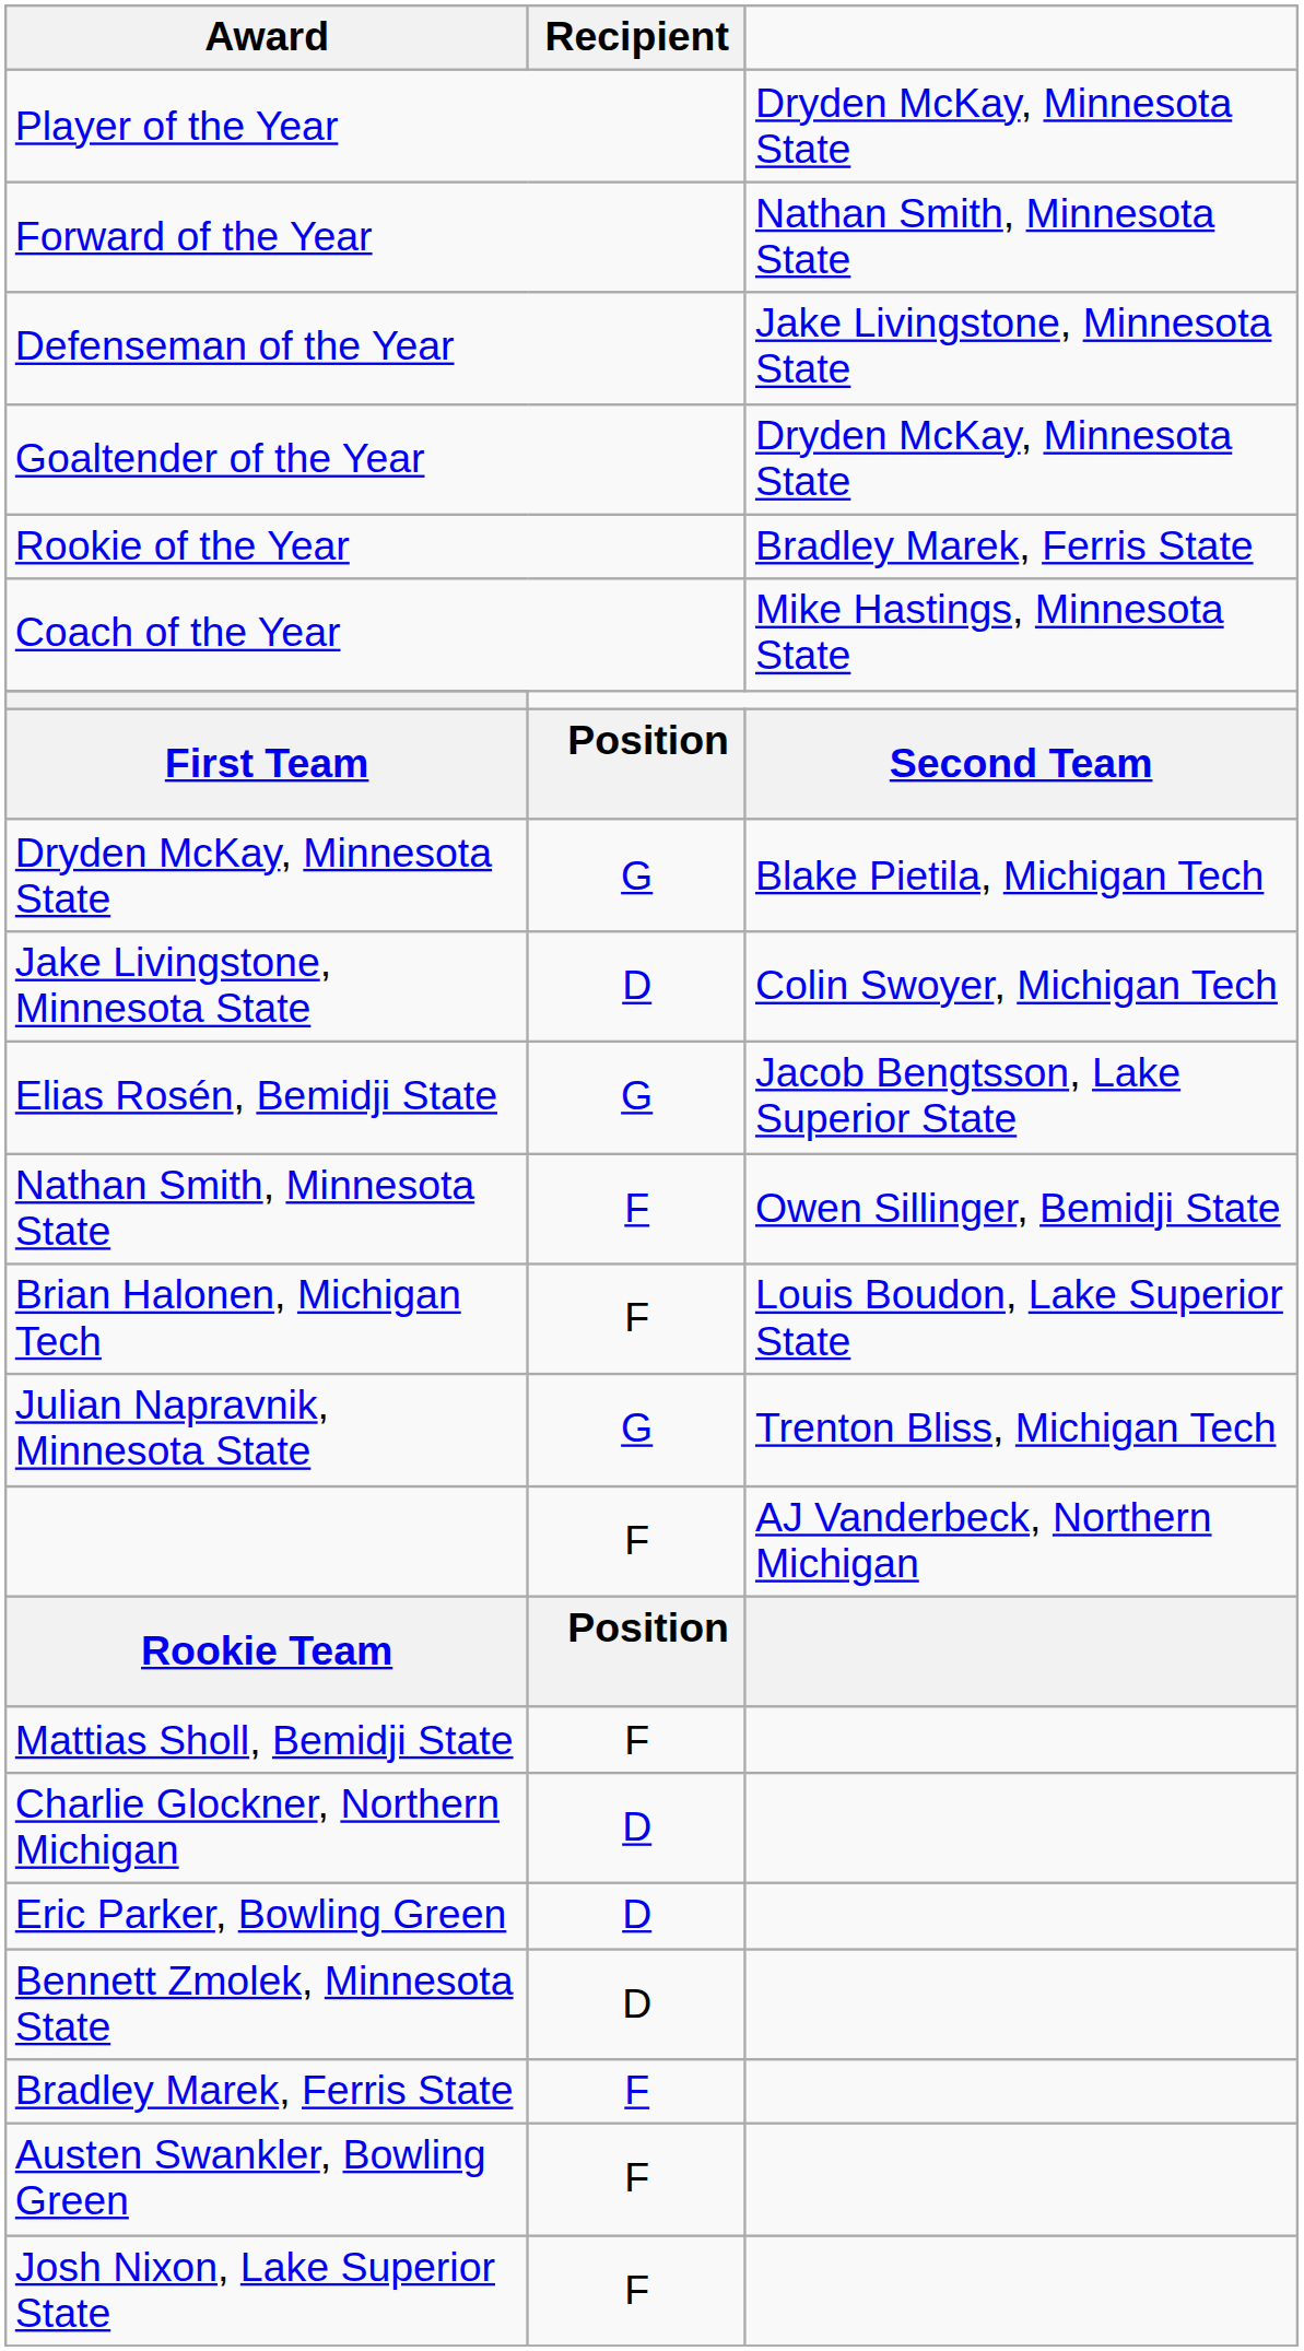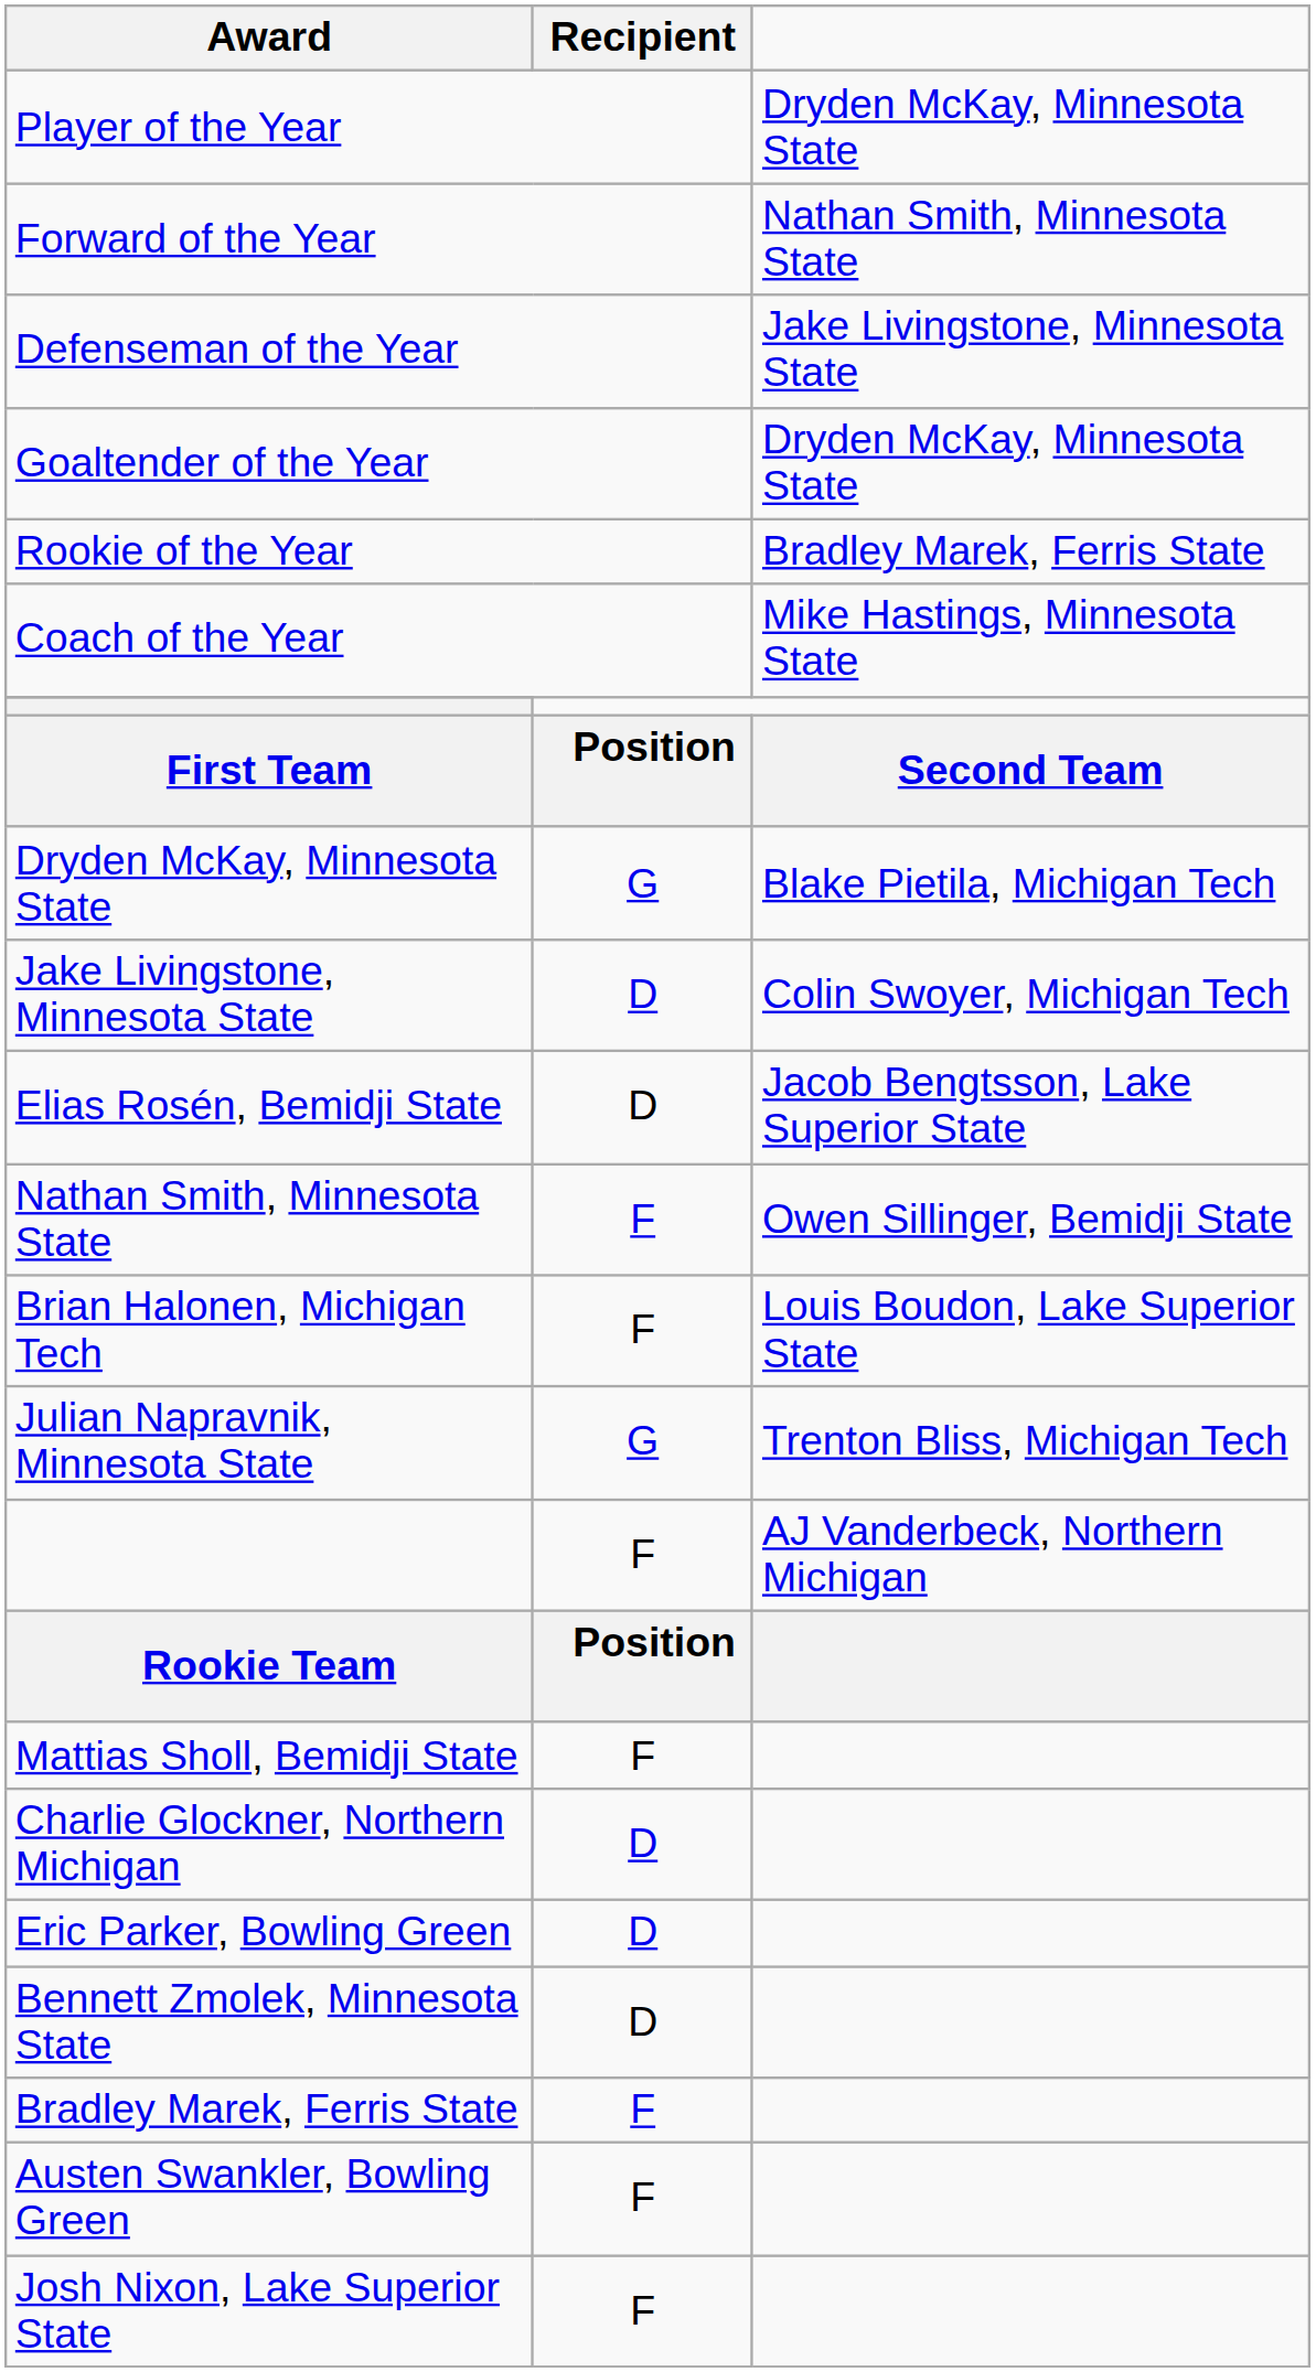 <table class="wikitable" width=40%>
 <tr>
 <th>Award</th>
 <th>Recipient</th>
 </tr>
 <tr>
 <td colspan=2><a href='#'>Player of the Year</a></td>
 <td><a href='#'>Dryden McKay</a>, <a href='#'>Minnesota State</a></td>
 </tr>
 <tr>
 <td colspan=2><a href='#'>Forward of the Year</a></td>
 <td><a href='#'>Nathan Smith</a>, <a href='#'>Minnesota State</a></td>
 </tr>
 <tr>
 <td colspan=2><a href='#'>Defenseman of the Year</a></td>
 <td><a href='#'>Jake Livingstone</a>, <a href='#'>Minnesota State</a></td>
 </tr>
 <tr>
 <td colspan=2><a href='#'>Goaltender of the Year</a></td>
 <td><a href='#'>Dryden McKay</a>, <a href='#'>Minnesota State</a></td>
 </tr>
 <tr>
 <td colspan=2><a href='#'>Rookie of the Year</a></td>
 <td><a href='#'>Bradley Marek</a>, <a href='#'>Ferris State</a></td>
 </tr>
 <tr>
 <td colspan=2><a href='#'>Coach of the Year</a></td>
 <td><a href='#'>Mike Hastings</a>, <a href='#'>Minnesota State</a></td>
 </tr>
 <tr>
 </tr>
 <tr>
 <th><a href='#'></a></th>
 </tr>
 <tr>
 <th><a href='#'>First Team</a></th>
 <th>  Position  </th>
 <th><a href='#'>Second Team</a></th>
 </tr>
 <tr>
 <td><a href='#'>Dryden McKay</a>, <a href='#'>Minnesota State</a></td>
 <td align=center><a href='#'>G</a></td>
 <td><a href='#'>Blake Pietila</a>, <a href='#'>Michigan Tech</a></td>
 </tr>
 <tr>
 <td><a href='#'>Jake Livingstone</a>, <a href='#'>Minnesota State</a></td>
 <td align=center><a href='#'>D</a></td>
 <td><a href='#'>Colin Swoyer</a>, <a href='#'>Michigan Tech</a></td>
 </tr>
 <tr>
 <td><a href='#'>Elias Rosén</a>, <a href='#'>Bemidji State</a></td>
-<td align=center><a href='#'>G</a></td>
+<td align=center>D</td>
 <td><a href='#'>Jacob Bengtsson</a>, <a href='#'>Lake Superior State</a></td>
 </tr>
 <tr>
 <td><a href='#'>Nathan Smith</a>, <a href='#'>Minnesota State</a></td>
 <td align=center><a href='#'>F</a></td>
 <td><a href='#'>Owen Sillinger</a>, <a href='#'>Bemidji State</a></td>
 </tr>
 <tr>
 <td><a href='#'>Brian Halonen</a>, <a href='#'>Michigan Tech</a></td>
 <td align=center>F</td>
 <td><a href='#'>Louis Boudon</a>, <a href='#'>Lake Superior State</a></td>
 </tr>
 <tr>
 <td><a href='#'>Julian Napravnik</a>, <a href='#'>Minnesota State</a></td>
 <td align=center><a href='#'>G</a></td>
 <td><a href='#'>Trenton Bliss</a>, <a href='#'>Michigan Tech</a></td>
 </tr>
 <tr>
 <td></td>
 <td align=center>F</td>
 <td><a href='#'>AJ Vanderbeck</a>, <a href='#'>Northern Michigan</a></td>
 </tr>
 <tr>
 <th><a href='#'>Rookie Team</a></th>
 <th>  Position  </th>
 <th></th>
 </tr>
 <tr>
 <td><a href='#'>Mattias Sholl</a>, <a href='#'>Bemidji State</a></td>
 <td align=center>F</td>
 <td></td>
 </tr>
 <tr>
 <td><a href='#'>Charlie Glockner</a>, <a href='#'>Northern Michigan</a></td>
 <td align=center><a href='#'>D</a></td>
 <td></td>
 </tr>
 <tr>
 <td><a href='#'>Eric Parker</a>, <a href='#'>Bowling Green</a></td>
 <td align=center><a href='#'>D</a></td>
 <td></td>
 </tr>
 <tr>
 <td><a href='#'>Bennett Zmolek</a>, <a href='#'>Minnesota State</a></td>
 <td align=center>D</td>
 <td></td>
 </tr>
 <tr>
 <td><a href='#'>Bradley Marek</a>, <a href='#'>Ferris State</a></td>
 <td align=center><a href='#'>F</a></td>
 <td></td>
 </tr>
 <tr>
 <td><a href='#'>Austen Swankler</a>, <a href='#'>Bowling Green</a></td>
 <td align=center>F</td>
 <td></td>
 </tr>
 <tr>
 <td><a href='#'>Josh Nixon</a>, <a href='#'>Lake Superior State</a></td>
 <td align=center>F</td>
 <td></td>
 </tr>
 </table>
